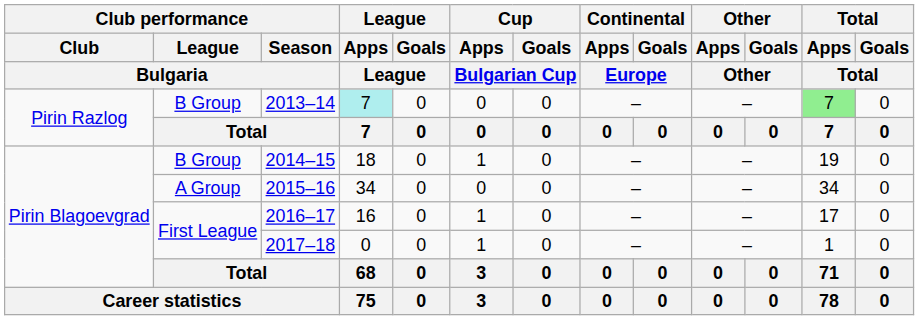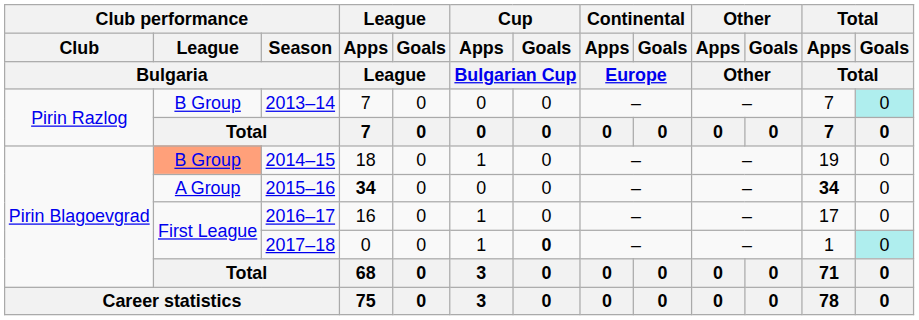 <table class="wikitable" style="font-size:90%; text-align: center">
 <tr>
 <th Colspan="3">Club performance</th>
 <th Colspan="2">League</th>
 <th Colspan="2">Cup</th>
 <th Colspan="2">Continental</th>
 <th Colspan="2">Other</th>
 <th Colspan="3">Total</th>
 </tr>
 <tr>
 <th>Club</th>
 <th>League</th>
 <th>Season</th>
 <th>Apps</th>
 <th>Goals</th>
 <th>Apps</th>
 <th>Goals</th>
 <th>Apps</th>
 <th>Goals</th>
 <th>Apps</th>
 <th>Goals</th>
 <th>Apps</th>
 <th>Goals</th>
 </tr>
 <tr>
 <th Colspan="3">Bulgaria</th>
 <th Colspan="2">League</th>
 <th Colspan="2"><a href='#'>Bulgarian Cup</a></th>
 <th Colspan="2"><a href='#'>Europe</a></th>
 <th Colspan="2">Other</th>
 <th Colspan="2">Total</th>
 </tr>
 <tr>
 <td rowspan="2" valign="center"><a href='#'>Pirin Razlog</a></td>
 <td rowspan="1"><a href='#'>B Group</a></td>
 <td><a href='#'>2013–14</a></td>
-<td style="background: paleturquoise;">7</td>
+<td>7</td>
 <td>0</td>
 <td>0</td>
 <td>0</td>
 <td colspan="2">–</td>
 <td colspan="2">–</td>
-<td style="background: lightgreen;">7</td>
-<td>0</td>
+<td>7</td>
+<td style="background: paleturquoise;">0</td>
 </tr>
 <tr>
 <th colspan=2>Total</th>
 <th>7</th>
 <th>0</th>
 <th>0</th>
 <th>0</th>
 <th>0</th>
 <th>0</th>
 <th>0</th>
 <th>0</th>
 <th>7</th>
 <th>0</th>
 </tr>
 <tr>
 <td rowspan="5" valign="center"><a href='#'>Pirin Blagoevgrad</a></td>
-<td rowspan="1"><a href='#'>B Group</a></td>
+<td rowspan="1" style="background: lightsalmon;"><a href='#'>B Group</a></td>
 <td><a href='#'>2014–15</a></td>
 <td>18</td>
 <td>0</td>
 <td>1</td>
 <td>0</td>
 <td colspan="2">–</td>
 <td colspan="2">–</td>
 <td>19</td>
 <td>0</td>
 </tr>
 <tr>
 <td rowspan="1"><a href='#'>A Group</a></td>
 <td><a href='#'>2015–16</a></td>
-<td>34</td>
+<td><strong>34</strong></td>
 <td>0</td>
 <td>0</td>
 <td>0</td>
 <td colspan="2">–</td>
 <td colspan="2">–</td>
-<td>34</td>
+<td><strong>34</strong></td>
 <td>0</td>
 </tr>
 <tr>
 <td rowspan="2"><a href='#'>First League</a></td>
 <td><a href='#'>2016–17</a></td>
 <td>16</td>
 <td>0</td>
 <td>1</td>
 <td>0</td>
 <td colspan="2">–</td>
 <td colspan="2">–</td>
 <td>17</td>
 <td>0</td>
 </tr>
 <tr>
 <td><a href='#'>2017–18</a></td>
 <td>0</td>
 <td>0</td>
 <td>1</td>
-<td>0</td>
+<td><strong>0</strong></td>
 <td colspan="2">–</td>
 <td colspan="2">–</td>
 <td>1</td>
-<td>0</td>
+<td style="background: paleturquoise;">0</td>
 </tr>
 <tr>
 <th colspan=2>Total</th>
 <th>68</th>
 <th>0</th>
 <th>3</th>
 <th>0</th>
 <th>0</th>
 <th>0</th>
 <th>0</th>
 <th>0</th>
 <th>71</th>
 <th>0</th>
 </tr>
 <tr>
 <th colspan="3">Career statistics</th>
 <th>75</th>
 <th>0</th>
 <th>3</th>
 <th>0</th>
 <th>0</th>
 <th>0</th>
 <th>0</th>
 <th>0</th>
 <th>78</th>
 <th>0</th>
 </tr>
 </table>
